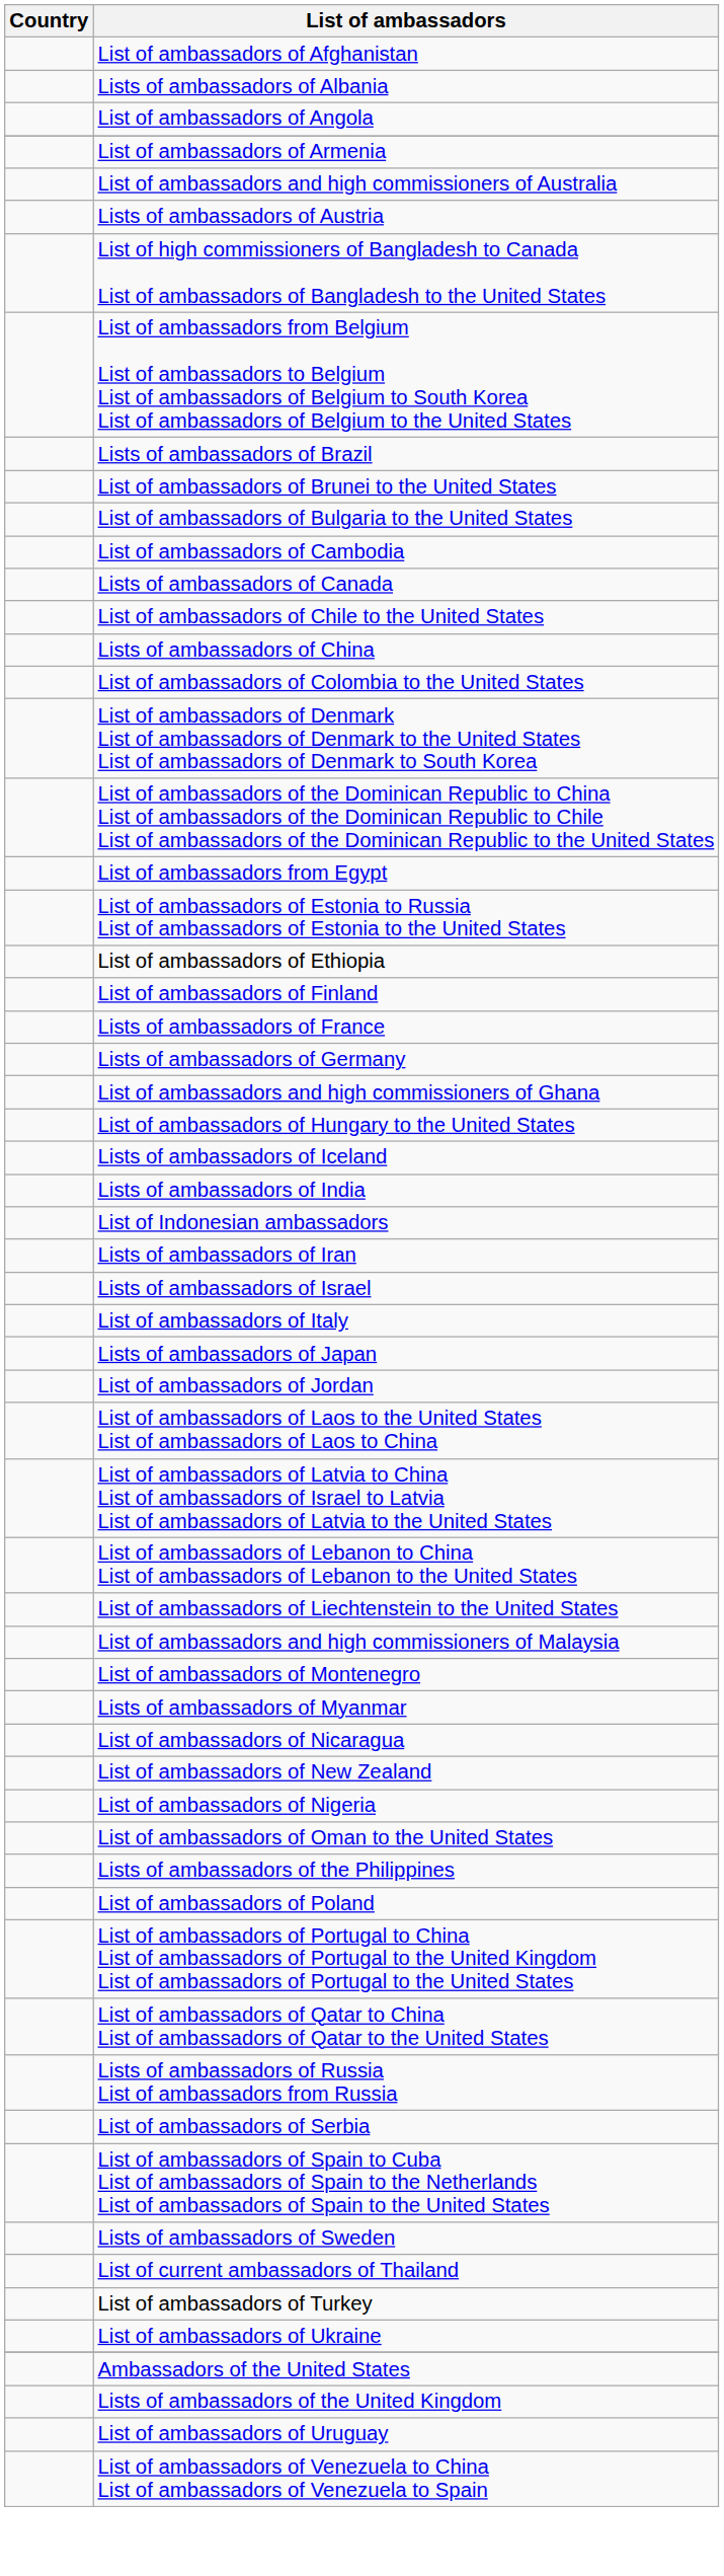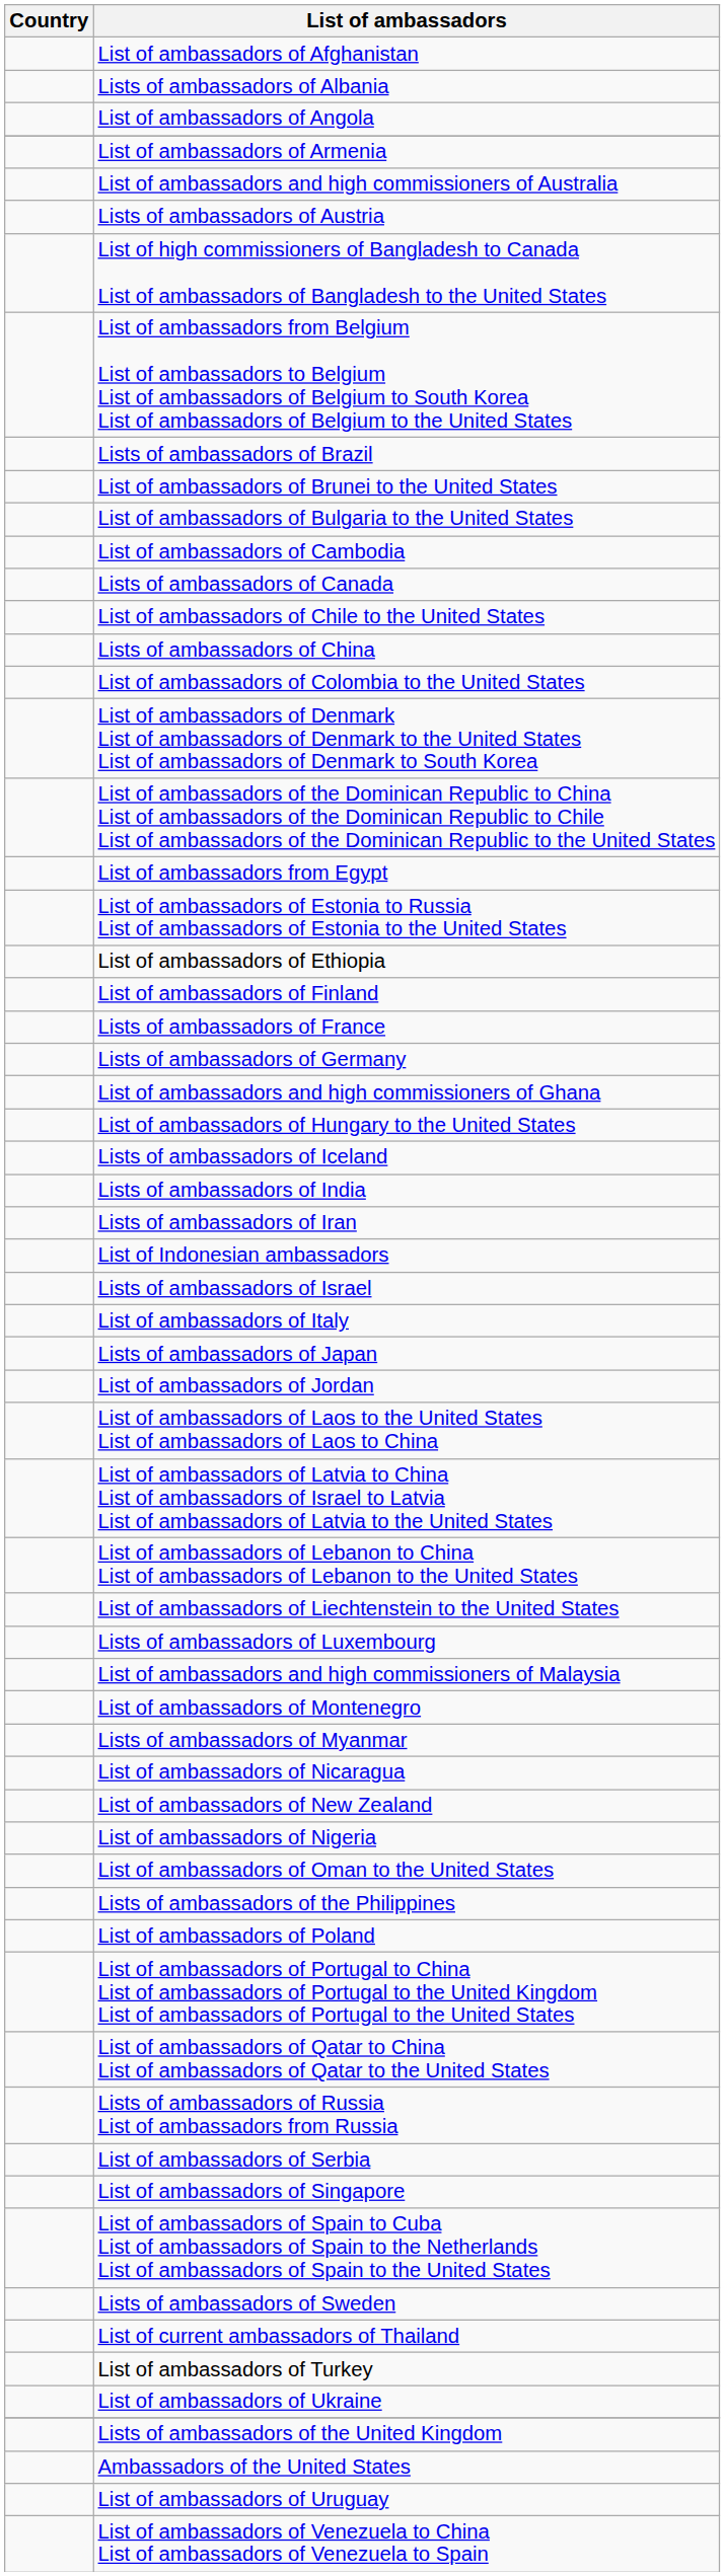 <table class="wikitable">
 <tr>
 <th>Country</th>
 <th>List of ambassadors</th>
 </tr>
 <tr>
 <td> </td>
 <td><a href='#'>List of ambassadors of Afghanistan</a></td>
 </tr>
 <tr>
 <td></td>
 <td><a href='#'>Lists of ambassadors of Albania</a></td>
 </tr>
 <tr>
 <td></td>
 <td><a href='#'>List of ambassadors of Angola</a></td>
 </tr>
 <tr>
 </tr>
 <tr>
 <td></td>
 <td><a href='#'>List of ambassadors of Armenia</a></td>
 </tr>
 <tr>
 <td></td>
 <td><a href='#'>List of ambassadors and high commissioners of Australia</a></td>
 </tr>
 <tr>
 <td></td>
 <td><a href='#'>Lists of ambassadors of Austria</a></td>
 </tr>
 <tr>
 <td></td>
 <td><a href='#'>List of high commissioners of Bangladesh to Canada</a><br><br><a href='#'>List of ambassadors of Bangladesh to the United States</a></td>
 </tr>
 <tr>
 <td></td>
 <td><a href='#'>List of ambassadors from Belgium</a><br><br><a href='#'>List of ambassadors to Belgium</a><br> <a href='#'>List of ambassadors of Belgium to South Korea</a><br> <a href='#'>List of ambassadors of Belgium to the United States</a></td>
 </tr>
 <tr>
 <td></td>
 <td><a href='#'>Lists of ambassadors of Brazil</a></td>
 </tr>
 <tr>
 <td></td>
 <td><a href='#'>List of ambassadors of Brunei to the United States</a></td>
 </tr>
 <tr>
 <td></td>
 <td><a href='#'>List of ambassadors of Bulgaria to the United States</a></td>
 </tr>
 <tr>
 <td></td>
 <td><a href='#'>List of ambassadors of Cambodia</a></td>
 </tr>
 <tr>
 <td></td>
 <td><a href='#'>Lists of ambassadors of Canada</a></td>
 </tr>
 <tr>
 <td></td>
 <td><a href='#'>List of ambassadors of Chile to the United States</a></td>
 </tr>
 <tr>
 <td></td>
 <td><a href='#'>Lists of ambassadors of China</a></td>
 </tr>
 <tr>
 <td></td>
 <td><a href='#'>List of ambassadors of Colombia to the United States</a></td>
 </tr>
 <tr>
 <td></td>
 <td><a href='#'>List of ambassadors of Denmark</a><br><a href='#'>List of ambassadors of Denmark to the United States</a><br><a href='#'>List of ambassadors of Denmark to South Korea</a></td>
 </tr>
 <tr>
 <td></td>
 <td><a href='#'>List of ambassadors of the Dominican Republic to China</a><br><a href='#'>List of ambassadors of the Dominican Republic to Chile</a><br><a href='#'>List of ambassadors of the Dominican Republic to the United States</a></td>
 </tr>
 <tr>
 <td></td>
 <td><a href='#'>List of ambassadors from Egypt</a></td>
 </tr>
 <tr>
 <td></td>
 <td><a href='#'>List of ambassadors of Estonia to Russia</a><br><a href='#'>List of ambassadors of Estonia to the United States</a></td>
 </tr>
 <tr>
 <td></td>
 <td>List of ambassadors of Ethiopia</td>
 </tr>
 <tr>
 <td></td>
 <td><a href='#'>List of ambassadors of Finland</a></td>
 </tr>
 <tr>
 <td></td>
 <td><a href='#'>Lists of ambassadors of France</a></td>
 </tr>
 <tr>
 <td></td>
 <td><a href='#'>Lists of ambassadors of Germany</a></td>
 </tr>
 <tr>
 <td></td>
 <td><a href='#'>List of ambassadors and high commissioners of Ghana</a></td>
 </tr>
 <tr>
 <td></td>
 <td><a href='#'>List of ambassadors of Hungary to the United States</a></td>
 </tr>
 <tr>
 <td></td>
 <td><a href='#'>Lists of ambassadors of Iceland</a></td>
 </tr>
 <tr>
 <td></td>
 <td><a href='#'>Lists of ambassadors of India</a></td>
 </tr>
 <tr>
 <td></td>
-<td><a href='#'>List of Indonesian ambassadors</a></td>
+<td><a href='#'>Lists of ambassadors of Iran</a></td>
 </tr>
 <tr>
 <td></td>
-<td><a href='#'>Lists of ambassadors of Iran</a></td>
+<td><a href='#'>List of Indonesian ambassadors</a></td>
 </tr>
 <tr>
 <td></td>
 <td><a href='#'>Lists of ambassadors of Israel</a></td>
 </tr>
 <tr>
 <td></td>
 <td><a href='#'>List of ambassadors of Italy</a></td>
 </tr>
 <tr>
 <td></td>
 <td><a href='#'>Lists of ambassadors of Japan</a></td>
 </tr>
 <tr>
 <td></td>
 <td><a href='#'>List of ambassadors of Jordan</a></td>
 </tr>
 <tr>
 <td></td>
 <td><a href='#'>List of ambassadors of Laos to the United States</a><br><a href='#'>List of ambassadors of Laos to China</a></td>
 </tr>
 <tr>
 <td></td>
 <td><a href='#'>List of ambassadors of Latvia to China</a><br><a href='#'>List of ambassadors of Israel to Latvia</a><br><a href='#'>List of ambassadors of Latvia to the United States</a></td>
 </tr>
 <tr>
 <td></td>
 <td><a href='#'>List of ambassadors of Lebanon to China</a><br><a href='#'>List of ambassadors of Lebanon to the United States</a></td>
 </tr>
 <tr>
 <td></td>
 <td><a href='#'>List of ambassadors of Liechtenstein to the United States</a></td>
+</tr>
+<tr>
+<td></td>
+<td><a href='#'>Lists of ambassadors of Luxembourg</a></td>
 </tr>
 <tr>
 <td></td>
 <td><a href='#'>List of ambassadors and high commissioners of Malaysia</a></td>
 </tr>
 <tr>
 <td></td>
 <td><a href='#'>List of ambassadors of Montenegro</a></td>
 </tr>
 <tr>
 <td></td>
 <td><a href='#'>Lists of ambassadors of Myanmar</a></td>
 </tr>
 <tr>
 <td></td>
 <td><a href='#'>List of ambassadors of Nicaragua</a></td>
 </tr>
 <tr>
 <td></td>
 <td><a href='#'>List of ambassadors of New Zealand</a></td>
 </tr>
 <tr>
 <td></td>
 <td><a href='#'>List of ambassadors of Nigeria</a></td>
 </tr>
 <tr>
 <td></td>
 <td><a href='#'>List of ambassadors of Oman to the United States</a></td>
 </tr>
 <tr>
 <td></td>
 <td><a href='#'>Lists of ambassadors of the Philippines</a></td>
 </tr>
 <tr>
 <td></td>
 <td><a href='#'>List of ambassadors of Poland</a></td>
 </tr>
 <tr>
 <td></td>
 <td><a href='#'>List of ambassadors of Portugal to China</a><br><a href='#'>List of ambassadors of Portugal to the United Kingdom</a><br><a href='#'>List of ambassadors of Portugal to the United States</a></td>
 </tr>
 <tr>
 <td></td>
 <td><a href='#'>List of ambassadors of Qatar to China</a><br><a href='#'>List of ambassadors of Qatar to the United States</a></td>
 </tr>
 <tr>
 <td></td>
 <td><a href='#'>Lists of ambassadors of Russia</a><br><a href='#'>List of ambassadors from Russia</a></td>
 </tr>
 <tr>
 <td></td>
 <td><a href='#'>List of ambassadors of Serbia</a></td>
 </tr>
 <tr>
 <td></td>
+<td><a href='#'>List of ambassadors of Singapore</a></td>
+</tr>
+<tr>
+<td></td>
 <td><a href='#'>List of ambassadors of Spain to Cuba</a><br><a href='#'>List of ambassadors of Spain to the Netherlands</a><br><a href='#'>List of ambassadors of Spain to the United States</a></td>
 </tr>
 <tr>
 <td></td>
 <td><a href='#'>Lists of ambassadors of Sweden</a></td>
 </tr>
 <tr>
 <td></td>
 <td><a href='#'>List of current ambassadors of Thailand</a></td>
 </tr>
 <tr>
 <td></td>
 <td>List of ambassadors of Turkey</td>
 </tr>
 <tr>
 <td></td>
 <td><a href='#'>List of ambassadors of Ukraine</a></td>
 </tr>
 <tr>
 </tr>
 <tr>
 <td></td>
-<td><a href='#'>Ambassadors of the United States</a></td>
+<td><a href='#'>Lists of ambassadors of the United Kingdom</a></td>
 </tr>
 <tr>
 <td></td>
-<td><a href='#'>Lists of ambassadors of the United Kingdom</a></td>
+<td><a href='#'>Ambassadors of the United States</a></td>
 </tr>
 <tr>
 <td></td>
 <td><a href='#'>List of ambassadors of Uruguay</a></td>
 </tr>
 <tr>
 <td></td>
 <td><a href='#'>List of ambassadors of Venezuela to China</a><br><a href='#'>List of ambassadors of Venezuela to Spain</a></td>
 </tr>
 </table>
